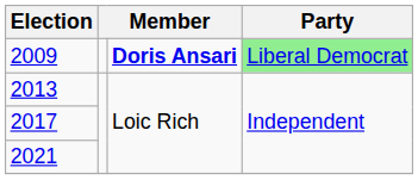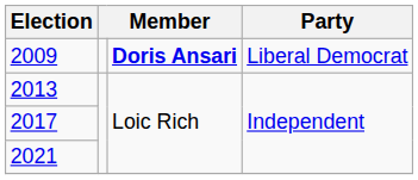 <table class="wikitable">
 <tr>
 <th>Election</th>
 <th colspan="2">Member</th>
 <th>Party</th>
 </tr>
 <tr>
 <td><a href='#'>2009</a></td>
 <td style="background-color: "></td>
 <td><strong><a href='#'>Doris Ansari</a></strong></td>
-<td style="background: lightgreen;"><a href='#'>Liberal Democrat</a></td>
+<td><a href='#'>Liberal Democrat</a></td>
 </tr>
 <tr>
 <td><a href='#'>2013</a></td>
 <td rowspan="3" style="background-color: "></td>
 <td rowspan="3">Loic Rich</td>
 <td rowspan="3"><a href='#'>Independent</a></td>
 </tr>
 <tr>
 <td><a href='#'>2017</a></td>
 </tr>
 <tr>
 <td><a href='#'>2021</a></td>
 </tr>
 <tr>
 </tr>
 </table>
